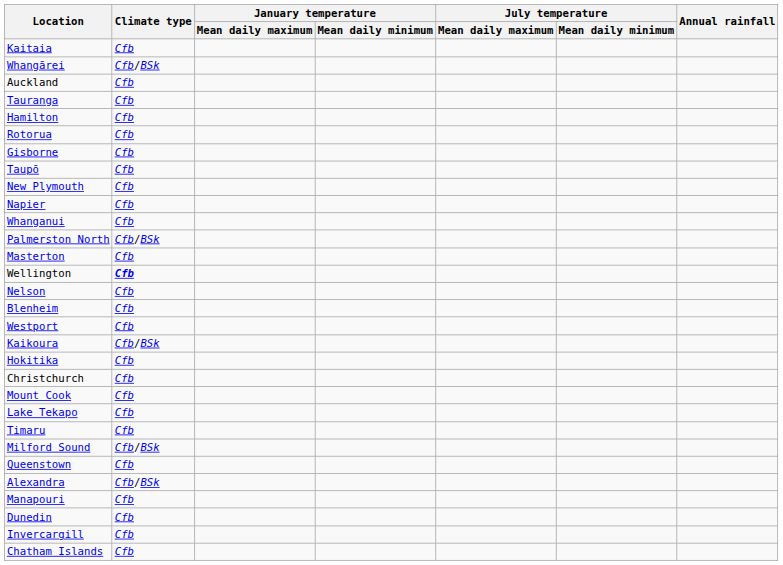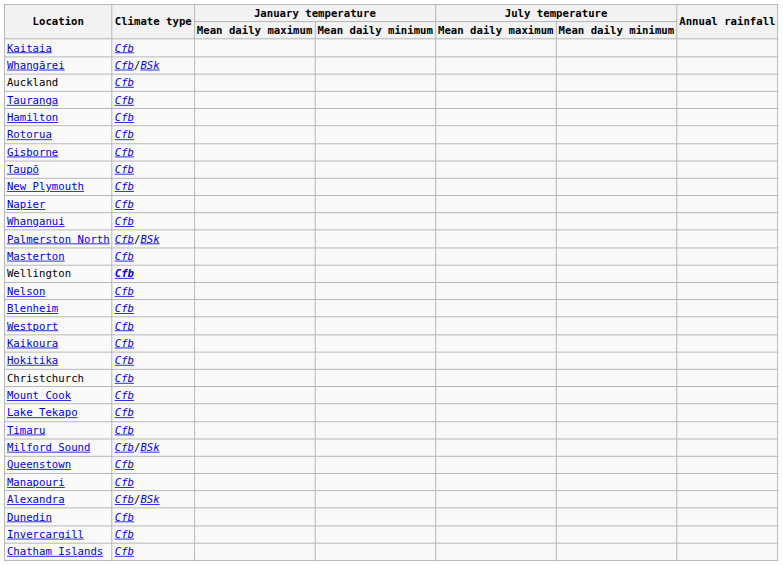 <table class="wikitable sortable" style=text-align:right;">
 <tr>
 <th rowspan="2">Location</th>
 <th rowspan="2">Climate type</th>
 <th colspan="2">January temperature</th>
 <th colspan="2">July temperature</th>
 <th rowspan="2">Annual rainfall</th>
 </tr>
 <tr>
 <th>Mean daily maximum</th>
 <th>Mean daily minimum</th>
 <th>Mean daily maximum</th>
 <th>Mean daily minimum</th>
 </tr>
 <tr>
 <td style="text-align:left;"><a href='#'>Kaitaia</a></td>
 <td style="text-align:left;"><a href='#'><em>Cfb</em></a></td>
 <td></td>
 <td></td>
 <td></td>
 <td></td>
 <td></td>
 </tr>
 <tr>
 <td style="text-align:left;"><a href='#'>Whangārei</a></td>
 <td style="text-align:left;"><a href='#'><em>Cfb</em></a>/<em><a href='#'>BSk</a></em></td>
 <td></td>
 <td></td>
 <td></td>
 <td></td>
 <td></td>
 </tr>
 <tr>
 <td style="text-align:left;">Auckland</td>
 <td style="text-align:left;"><a href='#'><em>Cfb</em></a></td>
 <td></td>
 <td></td>
 <td></td>
 <td></td>
 <td></td>
 </tr>
 <tr>
 <td style="text-align:left;"><a href='#'>Tauranga</a></td>
 <td style="text-align:left;"><a href='#'><em>Cfb</em></a></td>
 <td></td>
 <td></td>
 <td></td>
 <td></td>
 <td></td>
 </tr>
 <tr>
 <td style="text-align:left;"><a href='#'>Hamilton</a></td>
 <td style="text-align:left;"><a href='#'><em>Cfb</em></a></td>
 <td></td>
 <td></td>
 <td></td>
 <td></td>
 <td></td>
 </tr>
 <tr>
 <td style="text-align:left;"><a href='#'>Rotorua</a></td>
 <td style="text-align:left;"><a href='#'><em>Cfb</em></a></td>
 <td></td>
 <td></td>
 <td></td>
 <td></td>
 <td></td>
 </tr>
 <tr>
 <td style="text-align:left;"><a href='#'>Gisborne</a></td>
 <td style="text-align:left;"><a href='#'><em>Cfb</em></a></td>
 <td></td>
 <td></td>
 <td></td>
 <td></td>
 <td></td>
 </tr>
 <tr>
 <td style="text-align:left;"><a href='#'>Taupō</a></td>
 <td style="text-align:left;"><a href='#'><em>Cfb</em></a></td>
 <td></td>
 <td></td>
 <td></td>
 <td></td>
 <td></td>
 </tr>
 <tr>
 <td style="text-align:left;"><a href='#'>New Plymouth</a></td>
 <td style="text-align:left;"><a href='#'><em>Cfb</em></a></td>
 <td></td>
 <td></td>
 <td></td>
 <td></td>
 <td></td>
 </tr>
 <tr>
 <td style="text-align:left;"><a href='#'>Napier</a></td>
 <td style="text-align:left;"><a href='#'><em>Cfb</em></a></td>
 <td></td>
 <td></td>
 <td></td>
 <td></td>
 <td></td>
 </tr>
 <tr>
 <td style="text-align:left;"><a href='#'>Whanganui</a></td>
 <td style="text-align:left;"><a href='#'><em>Cfb</em></a></td>
 <td></td>
 <td></td>
 <td></td>
 <td></td>
 <td></td>
 </tr>
 <tr>
 <td style="text-align:left;"><a href='#'>Palmerston North</a></td>
 <td style="text-align:left;"><a href='#'><em>Cfb</em></a>/<em><a href='#'>BSk</a></em></td>
 <td></td>
 <td></td>
 <td></td>
 <td></td>
 <td></td>
 </tr>
 <tr>
 <td style="text-align:left;"><a href='#'>Masterton</a></td>
 <td style="text-align:left;"><a href='#'><em>Cfb</em></a></td>
 <td></td>
 <td></td>
 <td></td>
 <td></td>
 <td></td>
 </tr>
 <tr>
 <td style="text-align:left;">Wellington</td>
 <td style="text-align:left;"><strong><a href='#'><em>Cfb</em></a></strong></td>
 <td></td>
 <td></td>
 <td></td>
 <td></td>
 <td></td>
 </tr>
 <tr>
 <td style="text-align:left;"><a href='#'>Nelson</a></td>
 <td style="text-align:left;"><a href='#'><em>Cfb</em></a></td>
 <td></td>
 <td></td>
 <td></td>
 <td></td>
 <td></td>
 </tr>
 <tr>
 <td style="text-align:left;"><a href='#'>Blenheim</a></td>
 <td style="text-align:left;"><a href='#'><em>Cfb</em></a></td>
 <td></td>
 <td></td>
 <td></td>
 <td></td>
 <td></td>
 </tr>
 <tr>
 <td style="text-align:left;"><a href='#'>Westport</a></td>
 <td style="text-align:left;"><a href='#'><em>Cfb</em></a></td>
 <td></td>
 <td></td>
 <td></td>
 <td></td>
 <td></td>
 </tr>
 <tr>
 <td style="text-align:left;"><a href='#'>Kaikoura</a></td>
-<td style="text-align:left;"><a href='#'><em>Cfb</em></a>/<em><a href='#'>BSk</a></em></td>
+<td style="text-align:left;"><a href='#'><em>Cfb</em></a></td>
 <td></td>
 <td></td>
 <td></td>
 <td></td>
 <td></td>
 </tr>
 <tr>
 <td style="text-align:left;"><a href='#'>Hokitika</a></td>
 <td style="text-align:left;"><a href='#'><em>Cfb</em></a></td>
 <td></td>
 <td></td>
 <td></td>
 <td></td>
 <td></td>
 </tr>
 <tr>
 <td style="text-align:left;">Christchurch</td>
 <td style="text-align:left;"><a href='#'><em>Cfb</em></a></td>
 <td></td>
 <td></td>
 <td></td>
 <td></td>
 <td></td>
 </tr>
 <tr>
 <td style="text-align:left;"><a href='#'>Mount Cook</a></td>
 <td style="text-align:left;"><a href='#'><em>Cfb</em></a></td>
 <td></td>
 <td></td>
 <td></td>
 <td></td>
 <td></td>
 </tr>
 <tr>
 <td style="text-align:left;"><a href='#'>Lake Tekapo</a></td>
 <td style="text-align:left;"><a href='#'><em>Cfb</em></a></td>
 <td></td>
 <td></td>
 <td></td>
 <td></td>
 <td></td>
 </tr>
 <tr>
 <td style="text-align:left;"><a href='#'>Timaru</a></td>
 <td style="text-align:left;"><a href='#'><em>Cfb</em></a></td>
 <td></td>
 <td></td>
 <td></td>
 <td></td>
 <td></td>
 </tr>
 <tr>
 <td style="text-align:left;"><a href='#'>Milford Sound</a></td>
 <td style="text-align:left;"><a href='#'><em>Cfb</em></a>/<em><a href='#'>BSk</a></em></td>
 <td></td>
 <td></td>
 <td></td>
 <td></td>
 <td></td>
 </tr>
 <tr>
 <td style="text-align:left;"><a href='#'>Queenstown</a></td>
 <td style="text-align:left;"><a href='#'><em>Cfb</em></a></td>
 <td></td>
 <td></td>
 <td></td>
 <td></td>
 <td></td>
 </tr>
 <tr>
-<td style="text-align:left;"><a href='#'>Alexandra</a></td>
-<td style="text-align:left;"><a href='#'><em>Cfb</em></a>/<em><a href='#'>BSk</a></em></td>
+<td style="text-align:left;"><a href='#'>Manapouri</a></td>
+<td style="text-align:left;"><a href='#'><em>Cfb</em></a></td>
 <td></td>
 <td></td>
 <td></td>
 <td></td>
 <td></td>
 </tr>
 <tr>
-<td style="text-align:left;"><a href='#'>Manapouri</a></td>
-<td style="text-align:left;"><a href='#'><em>Cfb</em></a></td>
+<td style="text-align:left;"><a href='#'>Alexandra</a></td>
+<td style="text-align:left;"><a href='#'><em>Cfb</em></a>/<em><a href='#'>BSk</a></em></td>
 <td></td>
 <td></td>
 <td></td>
 <td></td>
 <td></td>
 </tr>
 <tr>
 <td style="text-align:left;"><a href='#'>Dunedin</a></td>
 <td style="text-align:left;"><a href='#'><em>Cfb</em></a></td>
 <td></td>
 <td></td>
 <td></td>
 <td></td>
 <td></td>
 </tr>
 <tr>
 <td style="text-align:left;"><a href='#'>Invercargill</a></td>
 <td style="text-align:left;"><a href='#'><em>Cfb</em></a></td>
 <td></td>
 <td></td>
 <td></td>
 <td></td>
 <td></td>
 </tr>
 <tr>
 <td style="text-align:left;"><a href='#'>Chatham Islands</a></td>
 <td style="text-align:left;"><a href='#'><em>Cfb</em></a></td>
 <td></td>
 <td></td>
 <td></td>
 <td></td>
 <td></td>
 </tr>
 </table>
